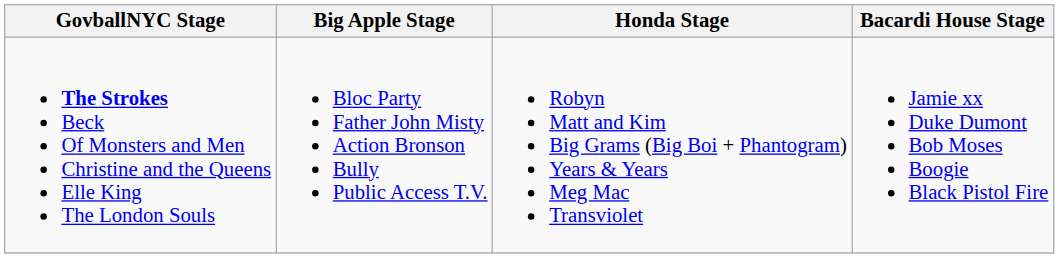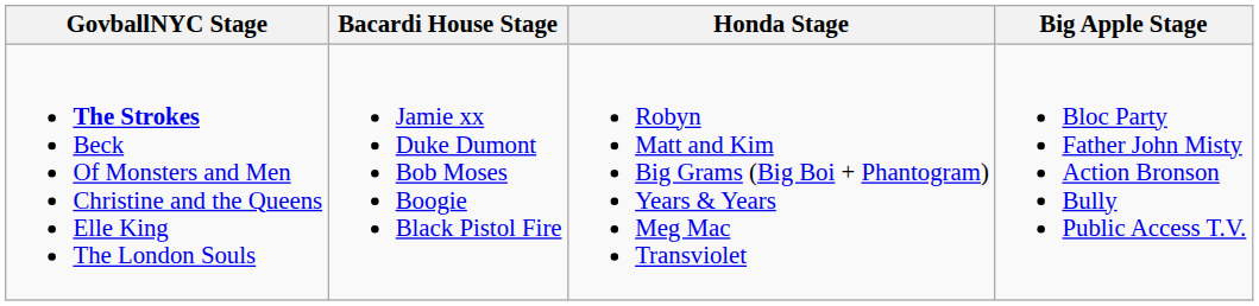 <table class="wikitable">
 <tr>
 <th>GovballNYC Stage</th>
+<th>Bacardi House Stage</th>
+<th>Honda Stage</th>
 <th>Big Apple Stage</th>
-<th>Honda Stage</th>
-<th>Bacardi House Stage</th>
 </tr>
 <tr valign="top">
 <td><br><ul><li><strong><a href='#'>The Strokes</a></strong></li><li><a href='#'>Beck</a></li><li><a href='#'>Of Monsters and Men</a></li><li><a href='#'>Christine and the Queens</a></li><li><a href='#'>Elle King</a></li><li><a href='#'>The London Souls</a></li></ul></td>
+<td><br><ul><li><a href='#'>Jamie xx</a></li><li><a href='#'>Duke Dumont</a></li><li><a href='#'>Bob Moses</a></li><li><a href='#'>Boogie</a></li><li><a href='#'>Black Pistol Fire</a></li></ul></td>
+<td><br><ul><li><a href='#'>Robyn</a></li><li><a href='#'>Matt and Kim</a></li><li><a href='#'>Big Grams</a> (<a href='#'>Big Boi</a> + <a href='#'>Phantogram</a>)</li><li><a href='#'>Years & Years</a></li><li><a href='#'>Meg Mac</a></li><li><a href='#'>Transviolet</a></li></ul></td>
 <td><br><ul><li><a href='#'>Bloc Party</a></li><li><a href='#'>Father John Misty</a></li><li><a href='#'>Action Bronson</a></li><li><a href='#'>Bully</a></li><li><a href='#'>Public Access T.V.</a></li></ul></td>
-<td><br><ul><li><a href='#'>Robyn</a></li><li><a href='#'>Matt and Kim</a></li><li><a href='#'>Big Grams</a> (<a href='#'>Big Boi</a> + <a href='#'>Phantogram</a>)</li><li><a href='#'>Years & Years</a></li><li><a href='#'>Meg Mac</a></li><li><a href='#'>Transviolet</a></li></ul></td>
-<td><br><ul><li><a href='#'>Jamie xx</a></li><li><a href='#'>Duke Dumont</a></li><li><a href='#'>Bob Moses</a></li><li><a href='#'>Boogie</a></li><li><a href='#'>Black Pistol Fire</a></li></ul></td>
 </tr>
 </table>
